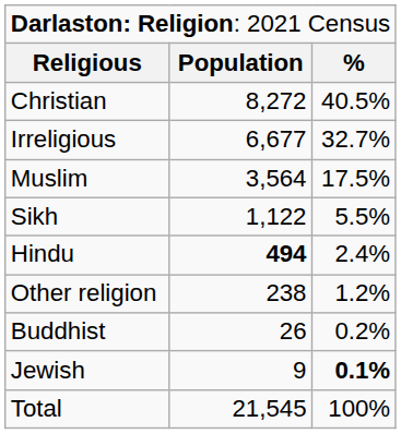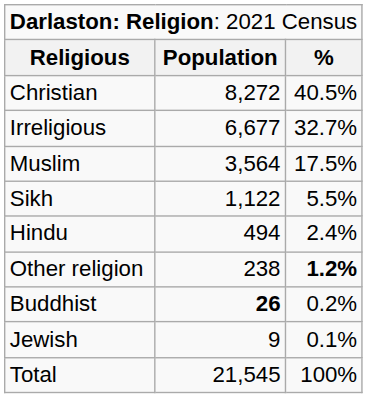 <table class="wikitable">
 <tr>
 <td colspan="14" style="text-align:right;"><strong>Darlaston: Religion</strong>: 2021 Census</td>
 </tr>
 <tr>
 <th>Religious</th>
 <th>Population</th>
 <th>%</th>
 </tr>
 <tr>
 <td>Christian</td>
 <td style="text-align:right;">8,272</td>
 <td style="text-align:right;">40.5%</td>
 </tr>
 <tr>
 <td>Irreligious</td>
 <td style="text-align:right;">6,677</td>
 <td style="text-align:right;">32.7%</td>
 </tr>
 <tr>
 <td>Muslim</td>
 <td style="text-align:right;">3,564</td>
 <td style="text-align:right;">17.5%</td>
 </tr>
 <tr>
 <td>Sikh</td>
 <td style="text-align:right;">1,122</td>
 <td style="text-align:right;">5.5%</td>
 </tr>
 <tr>
 <td>Hindu</td>
-<td style="text-align:right;"><strong>494</strong></td>
+<td style="text-align:right;">494</td>
 <td style="text-align:right;">2.4%</td>
 </tr>
 <tr>
 <td>Other religion</td>
 <td style="text-align:right;">238</td>
-<td style="text-align:right;">1.2%</td>
+<td style="text-align:right;"><strong>1.2%</strong></td>
 </tr>
 <tr>
 <td>Buddhist</td>
-<td style="text-align:right;">26</td>
+<td style="text-align:right;"><strong>26</strong></td>
 <td style="text-align:right;">0.2%</td>
 </tr>
 <tr>
 <td>Jewish</td>
 <td style="text-align:right;">9</td>
-<td style="text-align:right;"><strong>0.1%</strong></td>
+<td style="text-align:right;">0.1%</td>
 </tr>
 <tr>
 <td>Total</td>
 <td style="text-align:right;">21,545</td>
 <td style="text-align:right;">100%</td>
 </tr>
 </table>
